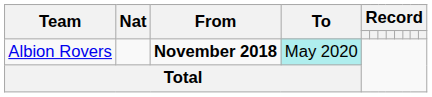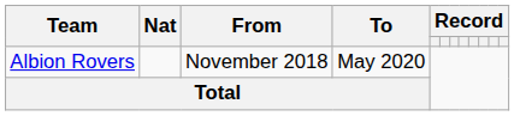 <table class="wikitable" style="text-align: center">
 <tr>
 <th rowspan="2">Team</th>
 <th rowspan="2">Nat</th>
 <th rowspan="2">From</th>
 <th rowspan="2">To</th>
 <th colspan="9">Record</th>
 </tr>
 <tr>
 <th></th>
 <th></th>
 <th></th>
 <th></th>
 <th></th>
 <th></th>
 <th></th>
 <th></th>
 </tr>
 <tr>
 <td align=left><a href='#'>Albion Rovers</a></td>
 <td align=left></td>
-<td align=left><strong>November 2018</strong></td>
-<td align=left style="background: paleturquoise;">May 2020<br></td>
+<td align=left>November 2018</td>
+<td align=left>May 2020<br></td>
 </tr>
 <tr>
 <th colspan="4">Total<br></th>
 </tr>
 </table>
